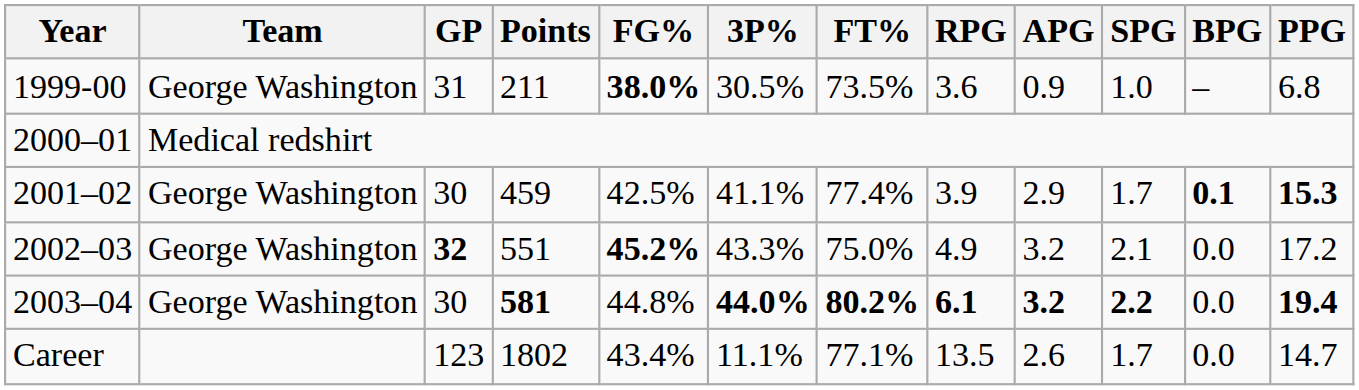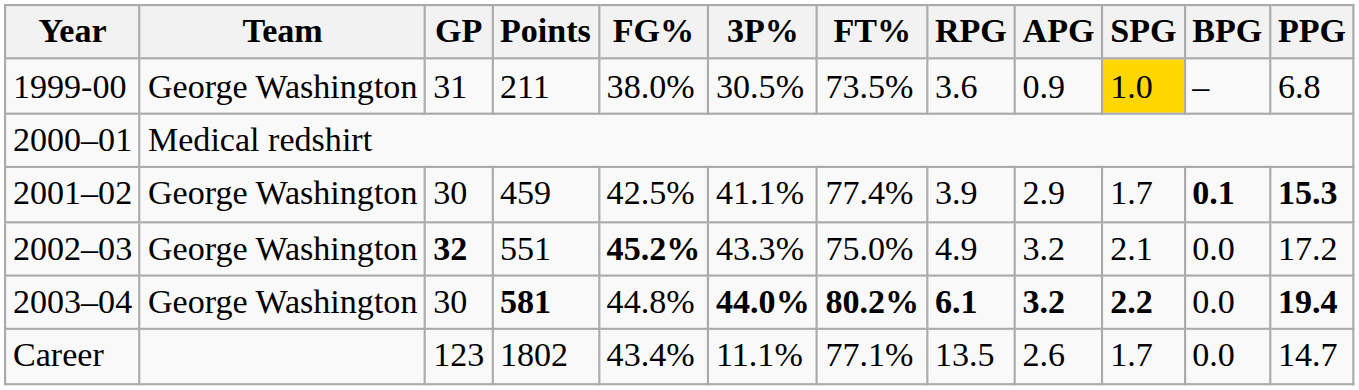 <table class="wikitable">
 <tr>
 <th>Year</th>
 <th>Team</th>
 <th>GP</th>
 <th>Points</th>
 <th>FG%</th>
 <th>3P%</th>
 <th>FT%</th>
 <th>RPG</th>
 <th>APG</th>
 <th>SPG</th>
 <th>BPG</th>
 <th>PPG</th>
 </tr>
 <tr>
 <td>1999-00</td>
 <td>George Washington</td>
 <td>31</td>
 <td>211</td>
-<td><strong>38.0%</strong></td>
+<td>38.0%</td>
 <td>30.5%</td>
 <td>73.5%</td>
 <td>3.6</td>
 <td>0.9</td>
-<td>1.0</td>
+<td style="background: gold;">1.0</td>
 <td>–</td>
 <td>6.8</td>
 </tr>
 <tr>
 <td>2000–01</td>
 <td colspan="11">Medical redshirt</td>
 </tr>
 <tr>
 <td>2001–02</td>
 <td>George Washington</td>
 <td>30</td>
 <td>459</td>
 <td>42.5%</td>
 <td>41.1%</td>
 <td>77.4%</td>
 <td>3.9</td>
 <td>2.9</td>
 <td>1.7</td>
 <td><strong>0.1</strong></td>
 <td><strong>15.3</strong></td>
 </tr>
 <tr>
 <td>2002–03</td>
 <td>George Washington</td>
 <td><strong>32</strong></td>
 <td>551</td>
 <td><strong>45.2%</strong></td>
 <td>43.3%</td>
 <td>75.0%</td>
 <td>4.9</td>
 <td>3.2</td>
 <td>2.1</td>
 <td>0.0</td>
 <td>17.2</td>
 </tr>
 <tr>
 <td>2003–04</td>
 <td>George Washington</td>
 <td>30</td>
 <td><strong>581</strong></td>
 <td>44.8%</td>
 <td><strong>44.0%</strong></td>
 <td><strong>80.2%</strong></td>
 <td><strong>6.1</strong></td>
 <td><strong>3.2</strong></td>
 <td><strong>2.2</strong></td>
 <td>0.0</td>
 <td><strong>19.4</strong></td>
 </tr>
 <tr>
 <td>Career</td>
 <td></td>
 <td>123</td>
 <td>1802</td>
 <td>43.4%</td>
 <td>11.1%</td>
 <td>77.1%</td>
 <td>13.5</td>
 <td>2.6</td>
 <td>1.7</td>
 <td>0.0</td>
 <td>14.7</td>
 </tr>
 </table>
